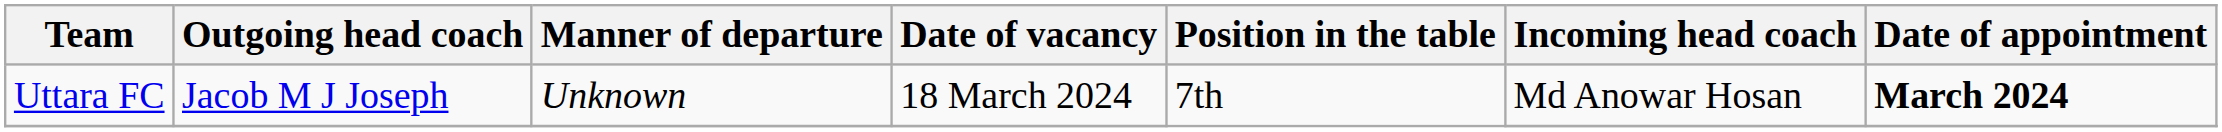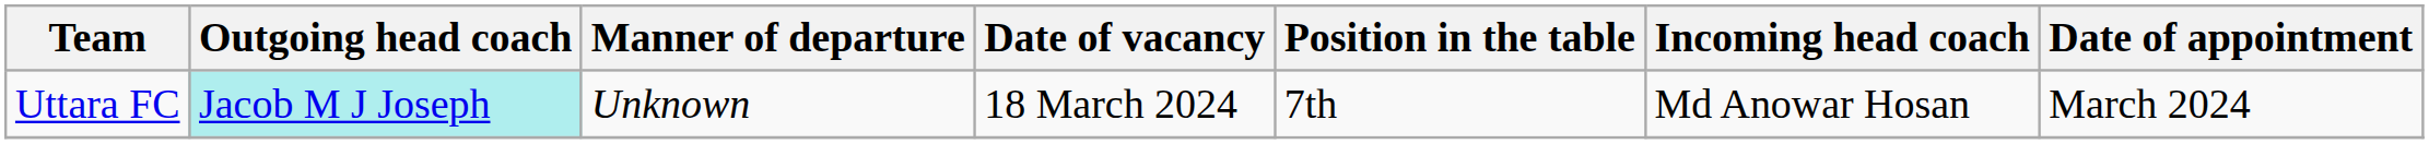 <table class="wikitable sortable">
 <tr>
 <th>Team</th>
 <th>Outgoing head coach</th>
 <th>Manner of departure</th>
 <th>Date of vacancy</th>
 <th>Position in the table</th>
 <th>Incoming head coach</th>
 <th>Date of appointment</th>
 </tr>
 <tr>
 <td><a href='#'>Uttara FC</a></td>
-<td> <a href='#'>Jacob M J Joseph</a></td>
+<td style="background: paleturquoise;"> <a href='#'>Jacob M J Joseph</a></td>
 <td><em>Unknown</em></td>
 <td>18 March 2024</td>
 <td rowspan="5">7th</td>
 <td> Md Anowar Hosan</td>
-<td><strong>March 2024</strong></td>
+<td>March 2024</td>
 </tr>
 <tr>
 </tr>
 </table>
